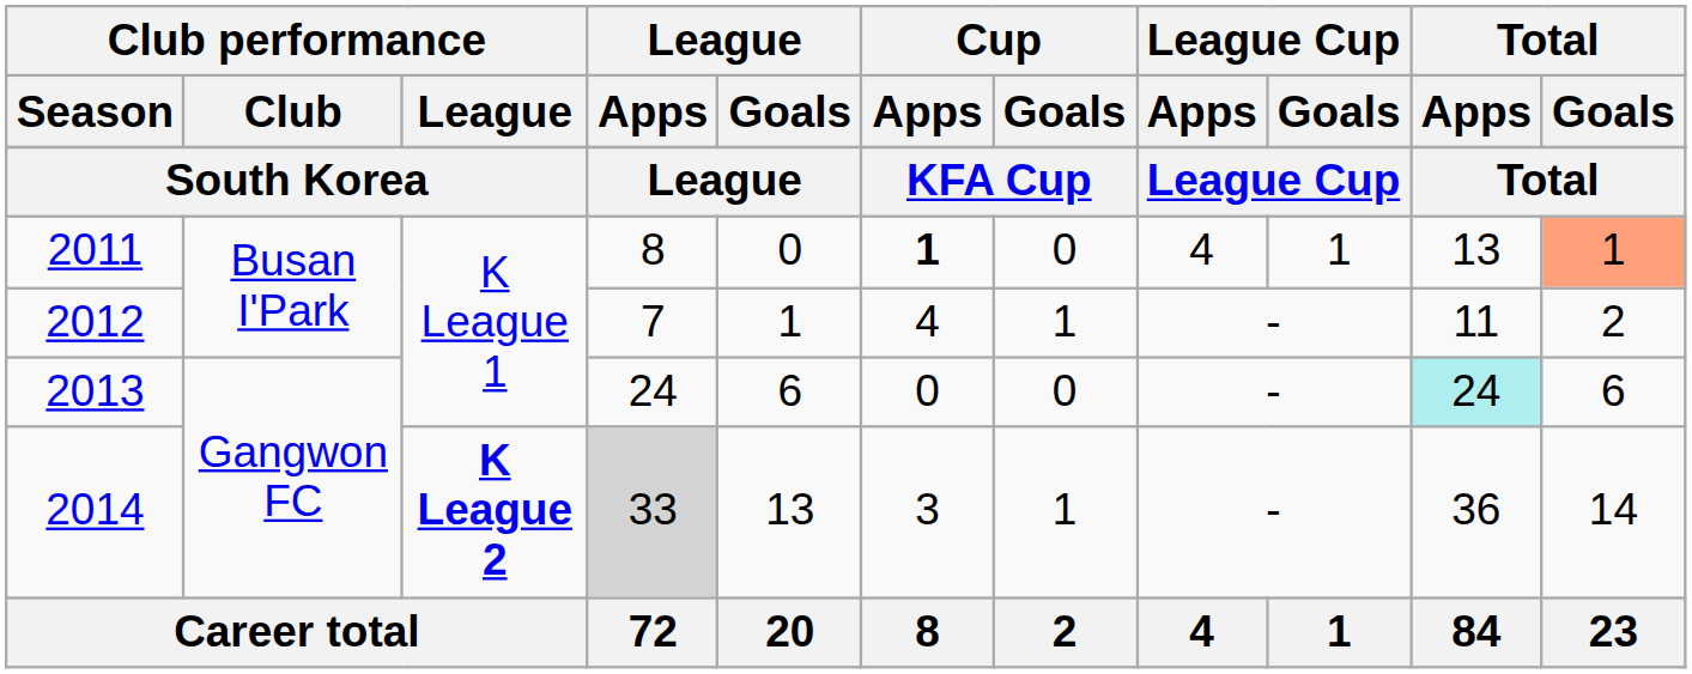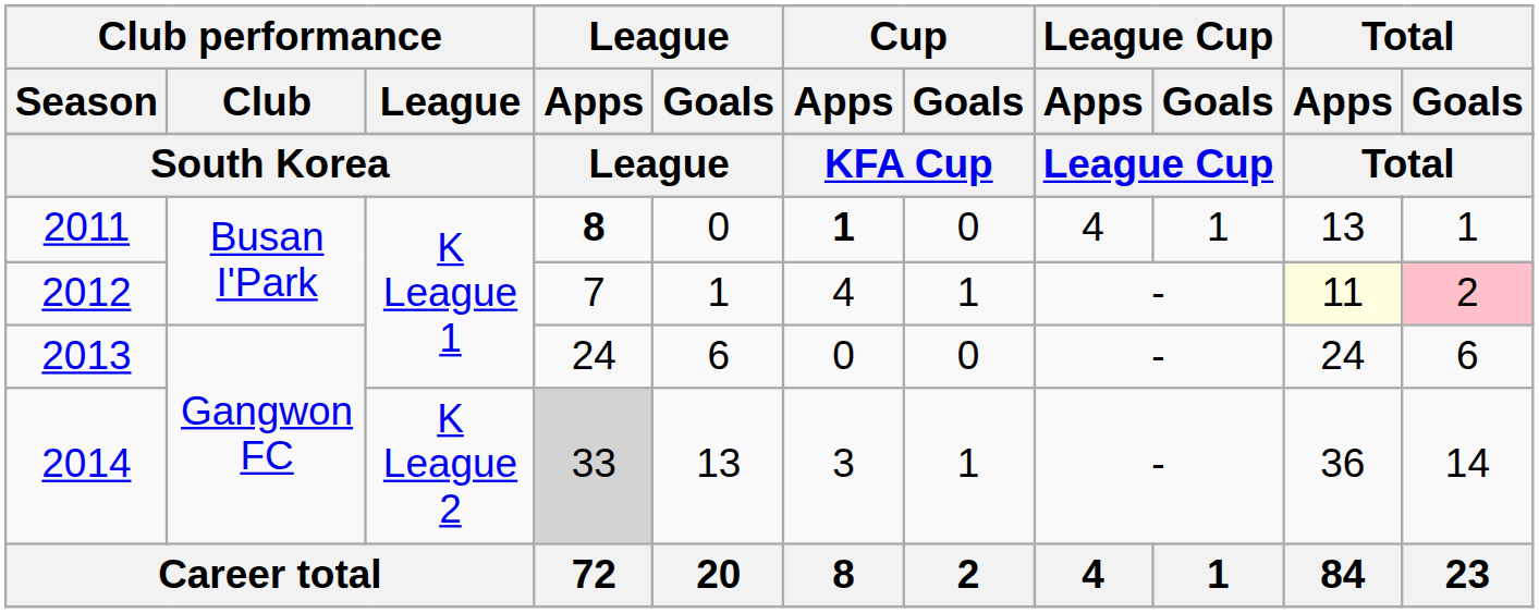 <table class="wikitable" style="text-align:center">
 <tr>
 <th colspan=3>Club performance</th>
 <th colspan=2>League</th>
 <th colspan=2>Cup</th>
 <th colspan=2>League Cup</th>
 <th colspan=2>Total</th>
 </tr>
 <tr>
 <th>Season</th>
 <th>Club</th>
 <th>League</th>
 <th>Apps</th>
 <th>Goals</th>
 <th>Apps</th>
 <th>Goals</th>
 <th>Apps</th>
 <th>Goals</th>
 <th>Apps</th>
 <th>Goals</th>
 </tr>
 <tr>
 </tr>
 <tr>
 <th colspan=3>South Korea</th>
 <th colspan=2>League</th>
 <th colspan=2><a href='#'>KFA Cup</a></th>
 <th colspan=2><a href='#'>League Cup</a></th>
 <th colspan=2>Total</th>
 </tr>
 <tr>
 <td><a href='#'>2011</a></td>
 <td rowspan="2"><a href='#'>Busan I'Park</a></td>
 <td rowspan="3"><a href='#'>K League 1</a></td>
-<td>8</td>
+<td><strong>8</strong></td>
 <td>0</td>
 <td><strong>1</strong></td>
 <td>0</td>
 <td>4</td>
 <td>1</td>
 <td>13</td>
-<td style="background: lightsalmon;">1</td>
+<td>1</td>
 </tr>
 <tr>
 <td><a href='#'>2012</a></td>
 <td>7</td>
 <td>1</td>
 <td>4</td>
 <td>1</td>
 <td colspan="2">-</td>
-<td>11</td>
-<td>2</td>
+<td style="background: lightyellow;">11</td>
+<td style="background: pink;">2</td>
 </tr>
 <tr>
 <td><a href='#'>2013</a></td>
 <td rowspan="2"><a href='#'>Gangwon FC</a></td>
 <td>24</td>
 <td>6</td>
 <td>0</td>
 <td>0</td>
 <td colspan="2">-</td>
-<td style="background: paleturquoise;">24</td>
+<td>24</td>
 <td>6</td>
 </tr>
 <tr>
 <td><a href='#'>2014</a></td>
-<td rowspan="1"><strong><a href='#'>K League 2</a></strong></td>
+<td rowspan="1"><a href='#'>K League 2</a></td>
 <td style="background: lightgrey;">33</td>
 <td>13</td>
 <td>3</td>
 <td>1</td>
 <td colspan="2">-</td>
 <td>36</td>
 <td>14</td>
 </tr>
 <tr>
 <th colspan=3>Career total</th>
 <th>72</th>
 <th>20</th>
 <th>8</th>
 <th>2</th>
 <th>4</th>
 <th>1</th>
 <th>84</th>
 <th>23</th>
 </tr>
 </table>
